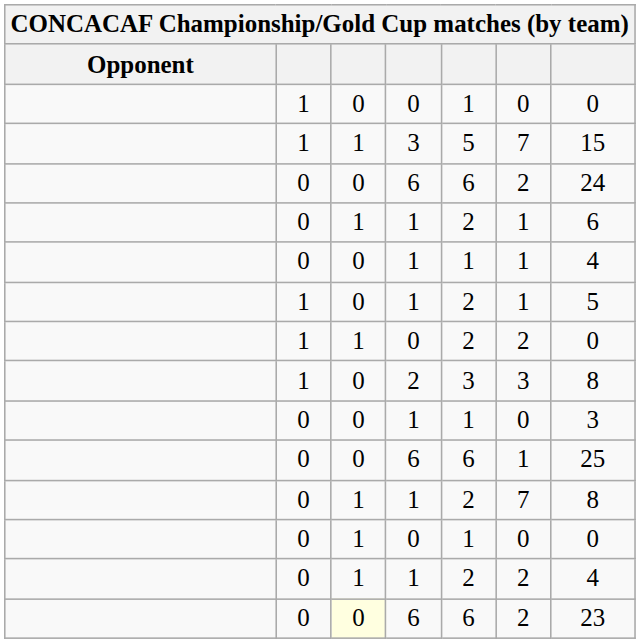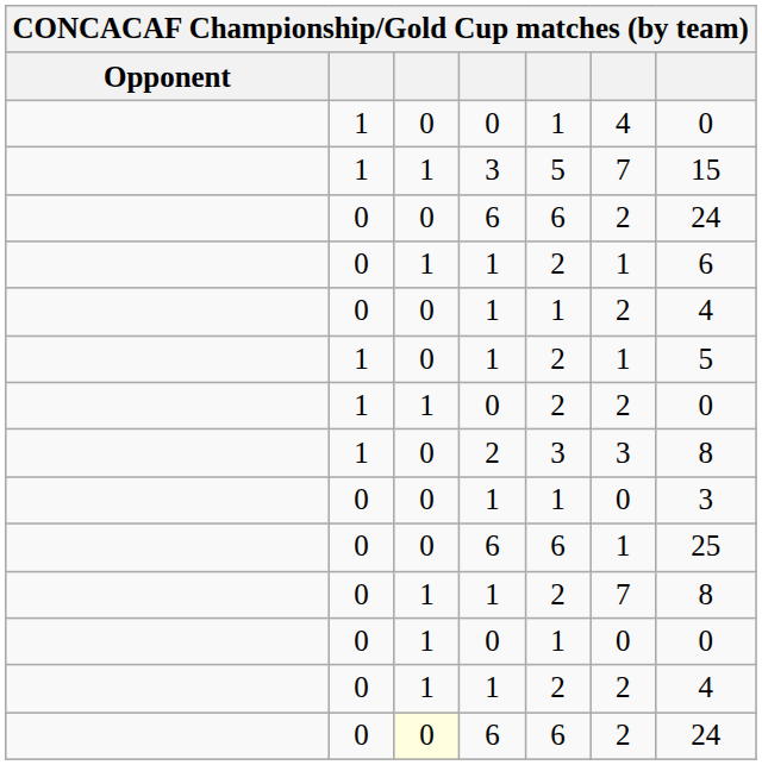 <table class="wikitable sortable" style="text-align: center;">
 <tr>
 <th colspan=7>CONCACAF Championship/Gold Cup matches (by team)</th>
 </tr>
 <tr>
 <th>Opponent</th>
 <th></th>
 <th></th>
 <th></th>
 <th></th>
 <th></th>
 <th></th>
 </tr>
 <tr>
 <td align="left"></td>
 <td>1</td>
 <td>0</td>
 <td>0</td>
 <td>1</td>
-<td>0</td>
+<td>4</td>
 <td>0</td>
 </tr>
 <tr>
 <td align="left"></td>
 <td>1</td>
 <td>1</td>
 <td>3</td>
 <td>5</td>
 <td>7</td>
 <td>15</td>
 </tr>
 <tr>
 <td align="left"></td>
 <td>0</td>
 <td>0</td>
 <td>6</td>
 <td>6</td>
 <td>2</td>
 <td>24</td>
 </tr>
 <tr>
 <td align="left"></td>
 <td>0</td>
 <td>1</td>
 <td>1</td>
 <td>2</td>
 <td>1</td>
 <td>6</td>
 </tr>
 <tr>
 <td align="left"></td>
 <td>0</td>
 <td>0</td>
 <td>1</td>
 <td>1</td>
-<td>1</td>
+<td>2</td>
 <td>4</td>
 </tr>
 <tr>
 <td align="left"></td>
 <td>1</td>
 <td>0</td>
 <td>1</td>
 <td>2</td>
 <td>1</td>
 <td>5</td>
 </tr>
 <tr>
 <td align="left"></td>
 <td>1</td>
 <td>1</td>
 <td>0</td>
 <td>2</td>
 <td>2</td>
 <td>0</td>
 </tr>
 <tr>
 <td align="left"></td>
 <td>1</td>
 <td>0</td>
 <td>2</td>
 <td>3</td>
 <td>3</td>
 <td>8</td>
 </tr>
 <tr>
 <td align="left"></td>
 <td>0</td>
 <td>0</td>
 <td>1</td>
 <td>1</td>
 <td>0</td>
 <td>3</td>
 </tr>
 <tr>
 <td align="left"></td>
 <td>0</td>
 <td>0</td>
 <td>6</td>
 <td>6</td>
 <td>1</td>
 <td>25</td>
 </tr>
 <tr>
 <td align="left"></td>
 <td>0</td>
 <td>1</td>
 <td>1</td>
 <td>2</td>
 <td>7</td>
 <td>8</td>
 </tr>
 <tr>
 <td align="left"></td>
 <td>0</td>
 <td>1</td>
 <td>0</td>
 <td>1</td>
 <td>0</td>
 <td>0</td>
 </tr>
 <tr>
 <td align="left"></td>
 <td>0</td>
 <td>1</td>
 <td>1</td>
 <td>2</td>
 <td>2</td>
 <td>4</td>
 </tr>
 <tr>
 <td align="left"></td>
 <td>0</td>
 <td style="background: lightyellow;">0</td>
 <td>6</td>
 <td>6</td>
 <td>2</td>
-<td>23</td>
+<td>24</td>
 </tr>
 </table>
